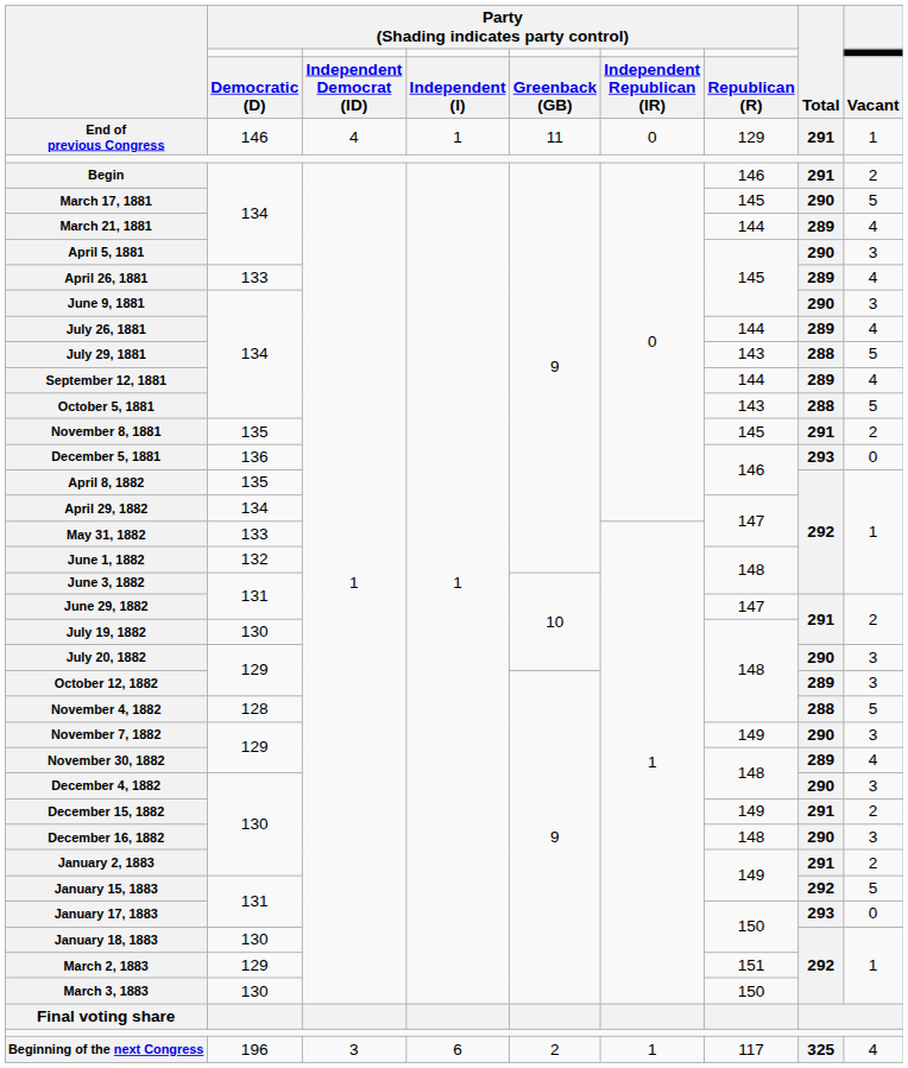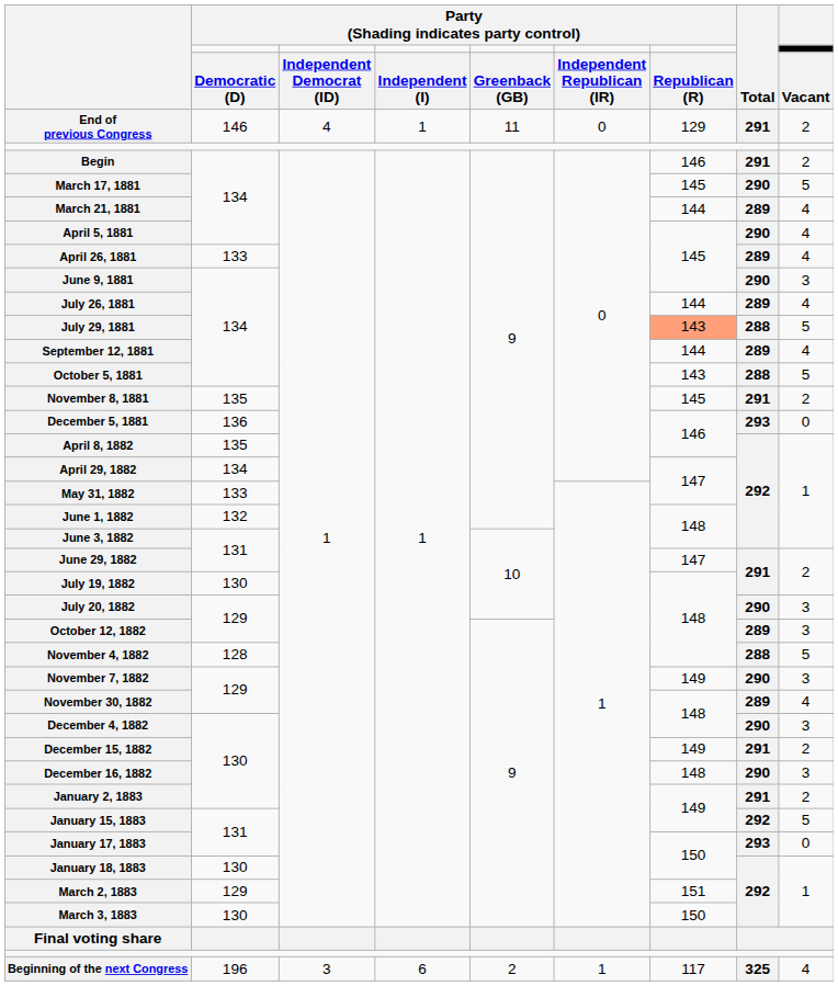 <table class=wikitable style="text-align:center">
 <tr style="vertical-align:bottom;">
 <th rowspan=3></th>
 <th colspan=6>Party <div>(Shading indicates party control)</div></th>
 <th rowspan=3>Total</th>
 <th></th>
 </tr>
 <tr style="height:5px">
 <td style="background-color:"></td>
 <td style="background-color:"></td>
 <td style="background-color:"></td>
 <td style="background-color:"></td>
 <td style="background-color:"></td>
 <td style="background-color:"></td>
 <td style="background-color:black"></td>
 </tr>
 <tr valign= bottom>
 <th><a href='#'>Democratic</a><br>(D)</th>
 <th><a href='#'>Independent<br>Democrat</a><br>(ID)</th>
 <th><a href='#'>Independent</a><br>(I)</th>
 <th><a href='#'>Greenback</a><br>(GB)</th>
 <th><a href='#'>Independent<br>Republican</a><br>(IR)</th>
 <th><a href='#'>Republican</a><br>(R)</th>
 <th>Vacant</th>
 </tr>
 <tr>
 <th nowrap style="font-size:80%">End of<br><a href='#'>previous Congress</a></th>
 <td>146</td>
 <td>4</td>
 <td>1</td>
 <td>11</td>
 <td>0</td>
 <td>129</td>
 <th>291</th>
-<td>1</td>
+<td>2</td>
 </tr>
 <tr>
 <td colspan=8></td>
 </tr>
 <tr>
 <th nowrap style="font-size:80%">Begin</th>
 <td rowspan=4>134</td>
 <td rowspan=33>1</td>
 <td rowspan=33>1</td>
 <td rowspan=16>9</td>
 <td rowspan=14>0</td>
 <td>146</td>
 <th>291</th>
 <td>2</td>
 </tr>
 <tr>
 <th style="font-size:80%">March 17, 1881</th>
 <td>145</td>
 <th>290</th>
 <td>5</td>
 </tr>
 <tr>
 <th style="font-size:80%">March 21, 1881</th>
 <td>144</td>
 <th>289</th>
 <td>4</td>
 </tr>
 <tr>
 <th style="font-size:80%">April 5, 1881</th>
 <td rowspan=3 >145</td>
 <th>290</th>
-<td>3</td>
+<td>4</td>
 </tr>
 <tr>
 <th style="font-size:80%">April 26, 1881</th>
 <td>133</td>
 <th>289</th>
 <td>4</td>
 </tr>
 <tr>
 <th style="font-size:80%">June 9, 1881</th>
 <td rowspan=5>134</td>
 <th>290</th>
 <td>3</td>
 </tr>
 <tr>
 <th style="font-size:80%">July 26, 1881</th>
 <td>144</td>
 <th>289</th>
 <td>4</td>
 </tr>
 <tr>
 <th style="font-size:80%">July 29, 1881</th>
-<td>143</td>
+<td style="background: lightsalmon;">143</td>
 <th>288</th>
 <td>5</td>
 </tr>
 <tr>
 <th style="font-size:80%">September 12, 1881</th>
 <td>144</td>
 <th>289</th>
 <td>4</td>
 </tr>
 <tr>
 <th style="font-size:80%">October 5, 1881</th>
 <td>143</td>
 <th>288</th>
 <td>5</td>
 </tr>
 <tr>
 <th style="font-size:80%">November 8, 1881</th>
 <td>135</td>
 <td>145</td>
 <th>291</th>
 <td>2</td>
 </tr>
 <tr>
 <th style="font-size:80%">December 5, 1881</th>
 <td>136</td>
 <td rowspan=2 >146</td>
 <th>293</th>
 <td>0</td>
 </tr>
 <tr>
 <th style="font-size:80%">April 8, 1882</th>
 <td>135</td>
 <th rowspan=5>292</th>
 <td rowspan=5>1</td>
 </tr>
 <tr>
 <th style="font-size:80%">April 29, 1882</th>
 <td>134</td>
 <td rowspan=2 >147</td>
 </tr>
 <tr>
 <th style="font-size:80%">May 31, 1882</th>
 <td>133</td>
 <td rowspan=19>1</td>
 </tr>
 <tr>
 <th style="font-size:80%">June 1, 1882</th>
 <td>132</td>
 <td rowspan=2 >148</td>
 </tr>
 <tr>
 <th style="font-size:80%">June 3, 1882</th>
 <td rowspan=2>131</td>
 <td rowspan=4>10</td>
 </tr>
 <tr>
 <th style="font-size:80%">June 29, 1882</th>
 <td>147</td>
 <th rowspan=2>291</th>
 <td rowspan=2>2</td>
 </tr>
 <tr>
 <th style="font-size:80%">July 19, 1882</th>
 <td>130</td>
 <td rowspan=4 >148</td>
 </tr>
 <tr>
 <th style="font-size:80%">July 20, 1882</th>
 <td rowspan=2>129</td>
 <th>290</th>
 <td>3</td>
 </tr>
 <tr>
 <th style="font-size:80%">October 12, 1882</th>
 <td rowspan=13>9</td>
 <th>289</th>
 <td>3</td>
 </tr>
 <tr>
 <th style="font-size:80%">November 4, 1882</th>
 <td>128</td>
 <th>288</th>
 <td>5</td>
 </tr>
 <tr>
 <th style="font-size:80%">November 7, 1882</th>
 <td rowspan=2>129</td>
 <td>149</td>
 <th>290</th>
 <td>3</td>
 </tr>
 <tr>
 <th style="font-size:80%">November 30, 1882</th>
 <td rowspan=2 >148</td>
 <th>289</th>
 <td>4</td>
 </tr>
 <tr>
 <th style="font-size:80%">December 4, 1882</th>
 <td rowspan=4>130</td>
 <th>290</th>
 <td>3</td>
 </tr>
 <tr>
 <th style="font-size:80%">December 15, 1882</th>
 <td>149</td>
 <th>291</th>
 <td>2</td>
 </tr>
 <tr>
 <th style="font-size:80%">December 16, 1882</th>
 <td>148</td>
 <th>290</th>
 <td>3</td>
 </tr>
 <tr>
 <th style="font-size:80%">January 2, 1883</th>
 <td rowspan=2 >149</td>
 <th>291</th>
 <td>2</td>
 </tr>
 <tr>
 <th style="font-size:80%">January 15, 1883</th>
 <td rowspan=2>131</td>
 <th>292</th>
 <td>5</td>
 </tr>
 <tr>
 <th style="font-size:80%">January 17, 1883</th>
 <td rowspan=2 >150</td>
 <th>293</th>
 <td>0</td>
 </tr>
 <tr>
 <th style="font-size:80%">January 18, 1883</th>
 <td>130</td>
 <th rowspan=3>292</th>
 <td rowspan=3>1</td>
 </tr>
 <tr>
 <th style="font-size:80%">March 2, 1883</th>
 <td>129</td>
 <td>151</td>
 </tr>
 <tr>
 <th style="font-size:80%">March 3, 1883</th>
 <td>130</td>
 <td>150</td>
 </tr>
 <tr>
 <th>Final voting share</th>
 <th></th>
 <th></th>
 <th></th>
 <th></th>
 <th></th>
 <th></th>
 <th colspan=2> </th>
 </tr>
 <tr>
 <td colspan=99></td>
 </tr>
 <tr>
 <th style="white-space:nowrap; font-size:80%;">Beginning of the <a href='#'>next Congress</a></th>
 <td>196</td>
 <td>3</td>
 <td>6</td>
 <td>2</td>
 <td>1</td>
 <td>117</td>
 <th>325</th>
 <td>4</td>
 </tr>
 </table>
